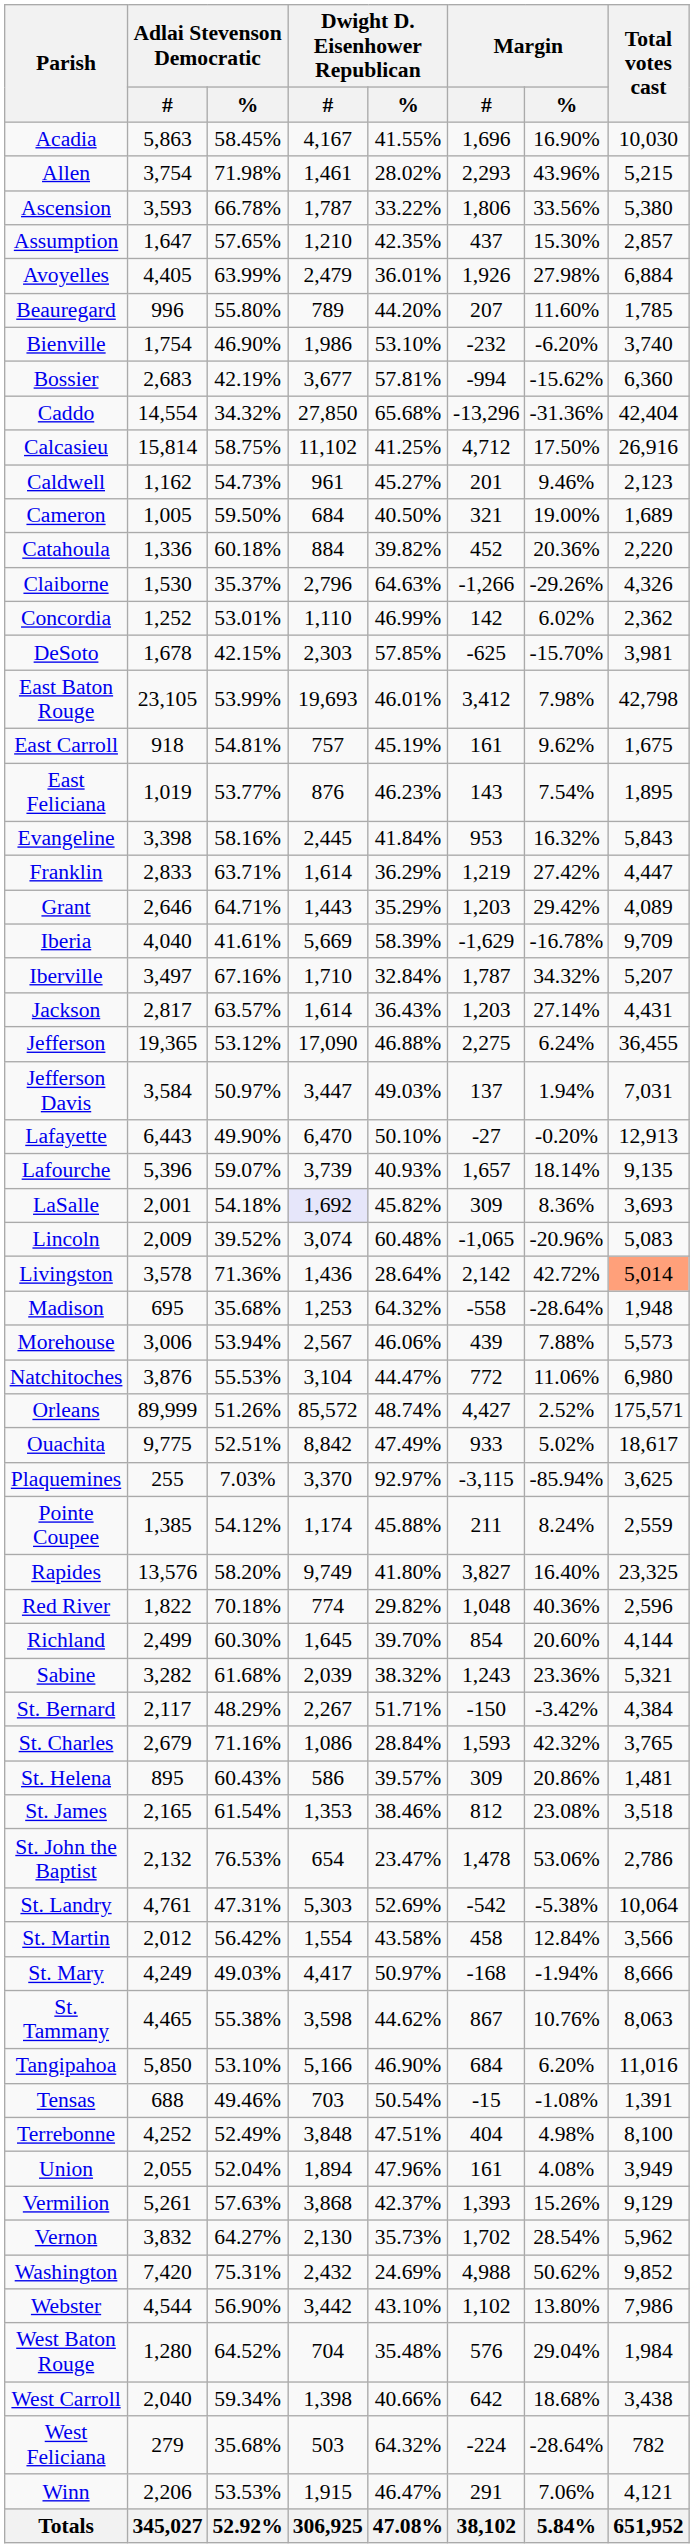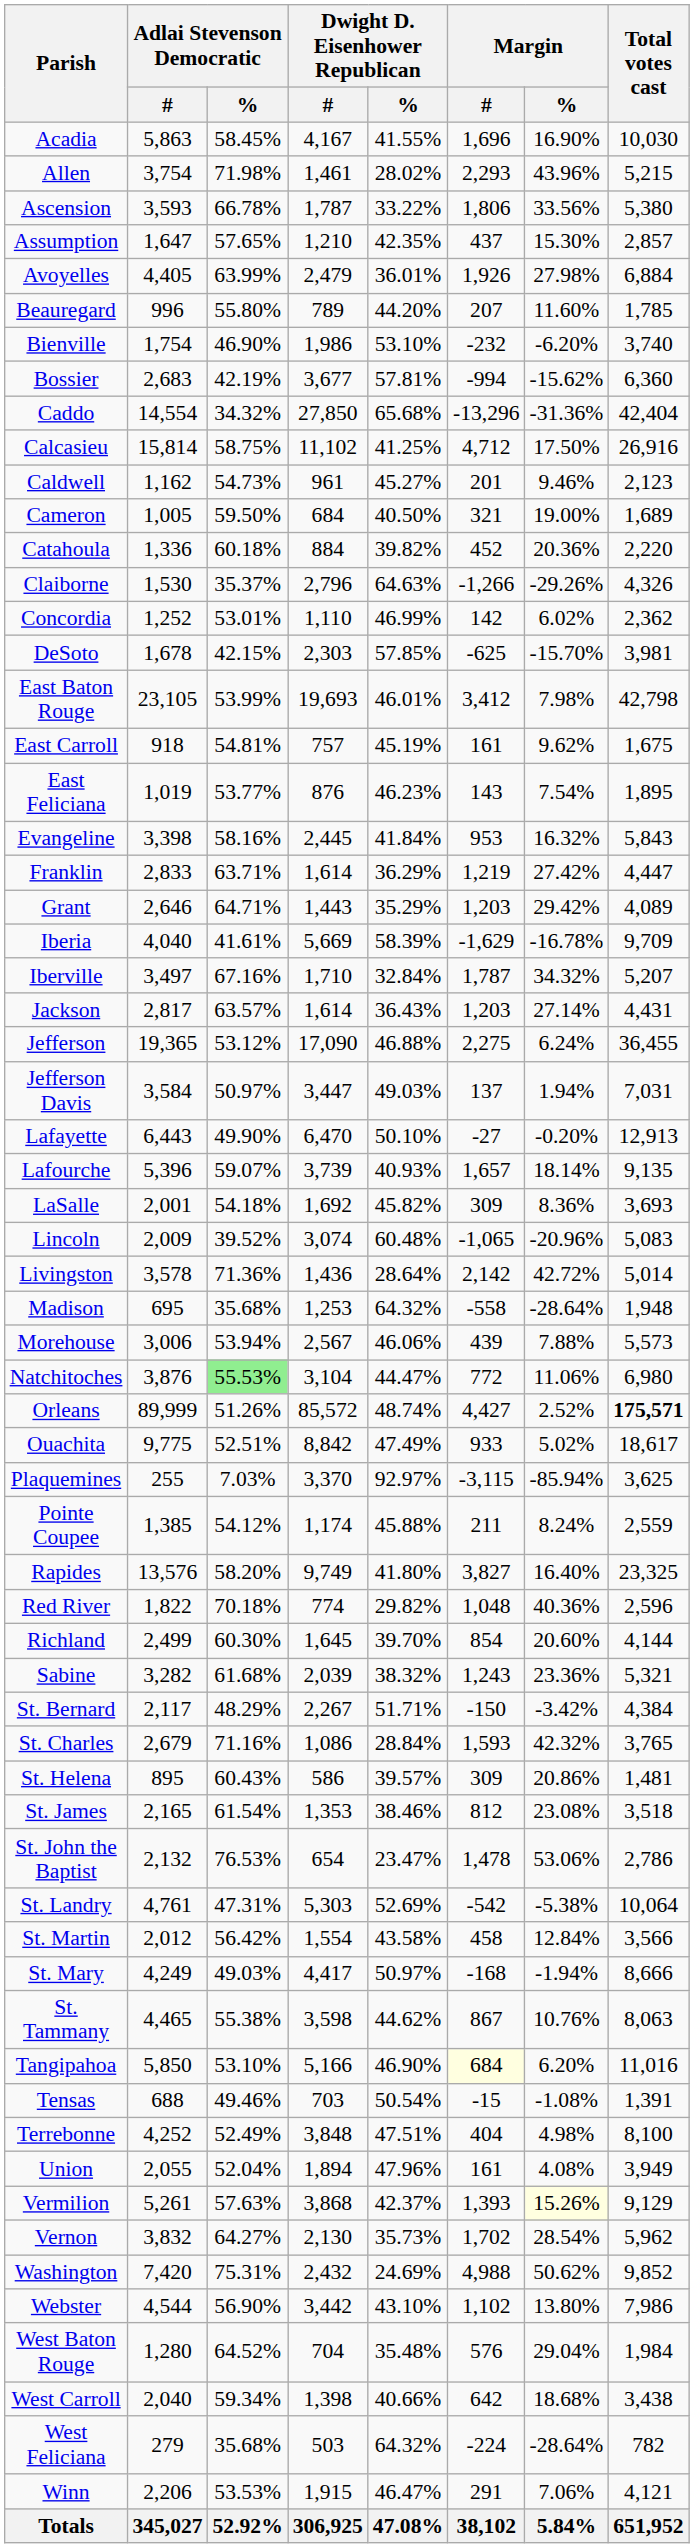 <table width="60%" class="wikitable sortable">
 <tr>
 <th rowspan="2">Parish</th>
 <th colspan="2">Adlai Stevenson<br>Democratic</th>
 <th colspan="2">Dwight D. Eisenhower<br>Republican</th>
 <th colspan="2">Margin</th>
 <th rowspan="2">Total votes cast</th>
 </tr>
 <tr>
 <th style="text-align:center;" data-sort-type="number">#</th>
 <th style="text-align:center;" data-sort-type="number">%</th>
 <th style="text-align:center;" data-sort-type="number">#</th>
 <th style="text-align:center;" data-sort-type="number">%</th>
 <th style="text-align:center;" data-sort-type="number">#</th>
 <th style="text-align:center;" data-sort-type="number">%</th>
 </tr>
 <tr style="text-align:center;">
 <td><a href='#'>Acadia</a></td>
 <td>5,863</td>
 <td>58.45%</td>
 <td>4,167</td>
 <td>41.55%</td>
 <td>1,696</td>
 <td>16.90%</td>
 <td>10,030</td>
 </tr>
 <tr style="text-align:center;">
 <td><a href='#'>Allen</a></td>
 <td>3,754</td>
 <td>71.98%</td>
 <td>1,461</td>
 <td>28.02%</td>
 <td>2,293</td>
 <td>43.96%</td>
 <td>5,215</td>
 </tr>
 <tr style="text-align:center;">
 <td><a href='#'>Ascension</a></td>
 <td>3,593</td>
 <td>66.78%</td>
 <td>1,787</td>
 <td>33.22%</td>
 <td>1,806</td>
 <td>33.56%</td>
 <td>5,380</td>
 </tr>
 <tr style="text-align:center;">
 <td><a href='#'>Assumption</a></td>
 <td>1,647</td>
 <td>57.65%</td>
 <td>1,210</td>
 <td>42.35%</td>
 <td>437</td>
 <td>15.30%</td>
 <td>2,857</td>
 </tr>
 <tr style="text-align:center;">
 <td><a href='#'>Avoyelles</a></td>
 <td>4,405</td>
 <td>63.99%</td>
 <td>2,479</td>
 <td>36.01%</td>
 <td>1,926</td>
 <td>27.98%</td>
 <td>6,884</td>
 </tr>
 <tr style="text-align:center;">
 <td><a href='#'>Beauregard</a></td>
 <td>996</td>
 <td>55.80%</td>
 <td>789</td>
 <td>44.20%</td>
 <td>207</td>
 <td>11.60%</td>
 <td>1,785</td>
 </tr>
 <tr style="text-align:center;">
 <td><a href='#'>Bienville</a></td>
 <td>1,754</td>
 <td>46.90%</td>
 <td>1,986</td>
 <td>53.10%</td>
 <td>-232</td>
 <td>-6.20%</td>
 <td>3,740</td>
 </tr>
 <tr style="text-align:center;">
 <td><a href='#'>Bossier</a></td>
 <td>2,683</td>
 <td>42.19%</td>
 <td>3,677</td>
 <td>57.81%</td>
 <td>-994</td>
 <td>-15.62%</td>
 <td>6,360</td>
 </tr>
 <tr style="text-align:center;">
 <td><a href='#'>Caddo</a></td>
 <td>14,554</td>
 <td>34.32%</td>
 <td>27,850</td>
 <td>65.68%</td>
 <td>-13,296</td>
 <td>-31.36%</td>
 <td>42,404</td>
 </tr>
 <tr style="text-align:center;">
 <td><a href='#'>Calcasieu</a></td>
 <td>15,814</td>
 <td>58.75%</td>
 <td>11,102</td>
 <td>41.25%</td>
 <td>4,712</td>
 <td>17.50%</td>
 <td>26,916</td>
 </tr>
 <tr style="text-align:center;">
 <td><a href='#'>Caldwell</a></td>
 <td>1,162</td>
 <td>54.73%</td>
 <td>961</td>
 <td>45.27%</td>
 <td>201</td>
 <td>9.46%</td>
 <td>2,123</td>
 </tr>
 <tr style="text-align:center;">
 <td><a href='#'>Cameron</a></td>
 <td>1,005</td>
 <td>59.50%</td>
 <td>684</td>
 <td>40.50%</td>
 <td>321</td>
 <td>19.00%</td>
 <td>1,689</td>
 </tr>
 <tr style="text-align:center;">
 <td><a href='#'>Catahoula</a></td>
 <td>1,336</td>
 <td>60.18%</td>
 <td>884</td>
 <td>39.82%</td>
 <td>452</td>
 <td>20.36%</td>
 <td>2,220</td>
 </tr>
 <tr style="text-align:center;">
 <td><a href='#'>Claiborne</a></td>
 <td>1,530</td>
 <td>35.37%</td>
 <td>2,796</td>
 <td>64.63%</td>
 <td>-1,266</td>
 <td>-29.26%</td>
 <td>4,326</td>
 </tr>
 <tr style="text-align:center;">
 <td><a href='#'>Concordia</a></td>
 <td>1,252</td>
 <td>53.01%</td>
 <td>1,110</td>
 <td>46.99%</td>
 <td>142</td>
 <td>6.02%</td>
 <td>2,362</td>
 </tr>
 <tr style="text-align:center;">
 <td><a href='#'>DeSoto</a></td>
 <td>1,678</td>
 <td>42.15%</td>
 <td>2,303</td>
 <td>57.85%</td>
 <td>-625</td>
 <td>-15.70%</td>
 <td>3,981</td>
 </tr>
 <tr style="text-align:center;">
 <td><a href='#'>East Baton Rouge</a></td>
 <td>23,105</td>
 <td>53.99%</td>
 <td>19,693</td>
 <td>46.01%</td>
 <td>3,412</td>
 <td>7.98%</td>
 <td>42,798</td>
 </tr>
 <tr style="text-align:center;">
 <td><a href='#'>East Carroll</a></td>
 <td>918</td>
 <td>54.81%</td>
 <td>757</td>
 <td>45.19%</td>
 <td>161</td>
 <td>9.62%</td>
 <td>1,675</td>
 </tr>
 <tr style="text-align:center;">
 <td><a href='#'>East Feliciana</a></td>
 <td>1,019</td>
 <td>53.77%</td>
 <td>876</td>
 <td>46.23%</td>
 <td>143</td>
 <td>7.54%</td>
 <td>1,895</td>
 </tr>
 <tr style="text-align:center;">
 <td><a href='#'>Evangeline</a></td>
 <td>3,398</td>
 <td>58.16%</td>
 <td>2,445</td>
 <td>41.84%</td>
 <td>953</td>
 <td>16.32%</td>
 <td>5,843</td>
 </tr>
 <tr style="text-align:center;">
 <td><a href='#'>Franklin</a></td>
 <td>2,833</td>
 <td>63.71%</td>
 <td>1,614</td>
 <td>36.29%</td>
 <td>1,219</td>
 <td>27.42%</td>
 <td>4,447</td>
 </tr>
 <tr style="text-align:center;">
 <td><a href='#'>Grant</a></td>
 <td>2,646</td>
 <td>64.71%</td>
 <td>1,443</td>
 <td>35.29%</td>
 <td>1,203</td>
 <td>29.42%</td>
 <td>4,089</td>
 </tr>
 <tr style="text-align:center;">
 <td><a href='#'>Iberia</a></td>
 <td>4,040</td>
 <td>41.61%</td>
 <td>5,669</td>
 <td>58.39%</td>
 <td>-1,629</td>
 <td>-16.78%</td>
 <td>9,709</td>
 </tr>
 <tr style="text-align:center;">
 <td><a href='#'>Iberville</a></td>
 <td>3,497</td>
 <td>67.16%</td>
 <td>1,710</td>
 <td>32.84%</td>
 <td>1,787</td>
 <td>34.32%</td>
 <td>5,207</td>
 </tr>
 <tr style="text-align:center;">
 <td><a href='#'>Jackson</a></td>
 <td>2,817</td>
 <td>63.57%</td>
 <td>1,614</td>
 <td>36.43%</td>
 <td>1,203</td>
 <td>27.14%</td>
 <td>4,431</td>
 </tr>
 <tr style="text-align:center;">
 <td><a href='#'>Jefferson</a></td>
 <td>19,365</td>
 <td>53.12%</td>
 <td>17,090</td>
 <td>46.88%</td>
 <td>2,275</td>
 <td>6.24%</td>
 <td>36,455</td>
 </tr>
 <tr style="text-align:center;">
 <td><a href='#'>Jefferson Davis</a></td>
 <td>3,584</td>
 <td>50.97%</td>
 <td>3,447</td>
 <td>49.03%</td>
 <td>137</td>
 <td>1.94%</td>
 <td>7,031</td>
 </tr>
 <tr style="text-align:center;">
 <td><a href='#'>Lafayette</a></td>
 <td>6,443</td>
 <td>49.90%</td>
 <td>6,470</td>
 <td>50.10%</td>
 <td>-27</td>
 <td>-0.20%</td>
 <td>12,913</td>
 </tr>
 <tr style="text-align:center;">
 <td><a href='#'>Lafourche</a></td>
 <td>5,396</td>
 <td>59.07%</td>
 <td>3,739</td>
 <td>40.93%</td>
 <td>1,657</td>
 <td>18.14%</td>
 <td>9,135</td>
 </tr>
 <tr style="text-align:center;">
 <td><a href='#'>LaSalle</a></td>
 <td>2,001</td>
 <td>54.18%</td>
-<td style="background: lavender;">1,692</td>
+<td>1,692</td>
 <td>45.82%</td>
 <td>309</td>
 <td>8.36%</td>
 <td>3,693</td>
 </tr>
 <tr style="text-align:center;">
 <td><a href='#'>Lincoln</a></td>
 <td>2,009</td>
 <td>39.52%</td>
 <td>3,074</td>
 <td>60.48%</td>
 <td>-1,065</td>
 <td>-20.96%</td>
 <td>5,083</td>
 </tr>
 <tr style="text-align:center;">
 <td><a href='#'>Livingston</a></td>
 <td>3,578</td>
 <td>71.36%</td>
 <td>1,436</td>
 <td>28.64%</td>
 <td>2,142</td>
 <td>42.72%</td>
-<td style="background: lightsalmon;">5,014</td>
+<td>5,014</td>
 </tr>
 <tr style="text-align:center;">
 <td><a href='#'>Madison</a></td>
 <td>695</td>
 <td>35.68%</td>
 <td>1,253</td>
 <td>64.32%</td>
 <td>-558</td>
 <td>-28.64%</td>
 <td>1,948</td>
 </tr>
 <tr style="text-align:center;">
 <td><a href='#'>Morehouse</a></td>
 <td>3,006</td>
 <td>53.94%</td>
 <td>2,567</td>
 <td>46.06%</td>
 <td>439</td>
 <td>7.88%</td>
 <td>5,573</td>
 </tr>
 <tr style="text-align:center;">
 <td><a href='#'>Natchitoches</a></td>
 <td>3,876</td>
-<td>55.53%</td>
+<td style="background: lightgreen;">55.53%</td>
 <td>3,104</td>
 <td>44.47%</td>
 <td>772</td>
 <td>11.06%</td>
 <td>6,980</td>
 </tr>
 <tr style="text-align:center;">
 <td><a href='#'>Orleans</a></td>
 <td>89,999</td>
 <td>51.26%</td>
 <td>85,572</td>
 <td>48.74%</td>
 <td>4,427</td>
 <td>2.52%</td>
-<td>175,571</td>
+<td><strong>175,571</strong></td>
 </tr>
 <tr style="text-align:center;">
 <td><a href='#'>Ouachita</a></td>
 <td>9,775</td>
 <td>52.51%</td>
 <td>8,842</td>
 <td>47.49%</td>
 <td>933</td>
 <td>5.02%</td>
 <td>18,617</td>
 </tr>
 <tr style="text-align:center;">
 <td><a href='#'>Plaquemines</a></td>
 <td>255</td>
 <td>7.03%</td>
 <td>3,370</td>
 <td>92.97%</td>
 <td>-3,115</td>
 <td>-85.94%</td>
 <td>3,625</td>
 </tr>
 <tr style="text-align:center;">
 <td><a href='#'>Pointe Coupee</a></td>
 <td>1,385</td>
 <td>54.12%</td>
 <td>1,174</td>
 <td>45.88%</td>
 <td>211</td>
 <td>8.24%</td>
 <td>2,559</td>
 </tr>
 <tr style="text-align:center;">
 <td><a href='#'>Rapides</a></td>
 <td>13,576</td>
 <td>58.20%</td>
 <td>9,749</td>
 <td>41.80%</td>
 <td>3,827</td>
 <td>16.40%</td>
 <td>23,325</td>
 </tr>
 <tr style="text-align:center;">
 <td><a href='#'>Red River</a></td>
 <td>1,822</td>
 <td>70.18%</td>
 <td>774</td>
 <td>29.82%</td>
 <td>1,048</td>
 <td>40.36%</td>
 <td>2,596</td>
 </tr>
 <tr style="text-align:center;">
 <td><a href='#'>Richland</a></td>
 <td>2,499</td>
 <td>60.30%</td>
 <td>1,645</td>
 <td>39.70%</td>
 <td>854</td>
 <td>20.60%</td>
 <td>4,144</td>
 </tr>
 <tr style="text-align:center;">
 <td><a href='#'>Sabine</a></td>
 <td>3,282</td>
 <td>61.68%</td>
 <td>2,039</td>
 <td>38.32%</td>
 <td>1,243</td>
 <td>23.36%</td>
 <td>5,321</td>
 </tr>
 <tr style="text-align:center;">
 <td><a href='#'>St. Bernard</a></td>
 <td>2,117</td>
 <td>48.29%</td>
 <td>2,267</td>
 <td>51.71%</td>
 <td>-150</td>
 <td>-3.42%</td>
 <td>4,384</td>
 </tr>
 <tr style="text-align:center;">
 <td><a href='#'>St. Charles</a></td>
 <td>2,679</td>
 <td>71.16%</td>
 <td>1,086</td>
 <td>28.84%</td>
 <td>1,593</td>
 <td>42.32%</td>
 <td>3,765</td>
 </tr>
 <tr style="text-align:center;">
 <td><a href='#'>St. Helena</a></td>
 <td>895</td>
 <td>60.43%</td>
 <td>586</td>
 <td>39.57%</td>
 <td>309</td>
 <td>20.86%</td>
 <td>1,481</td>
 </tr>
 <tr style="text-align:center;">
 <td><a href='#'>St. James</a></td>
 <td>2,165</td>
 <td>61.54%</td>
 <td>1,353</td>
 <td>38.46%</td>
 <td>812</td>
 <td>23.08%</td>
 <td>3,518</td>
 </tr>
 <tr style="text-align:center;">
 <td><a href='#'>St. John the Baptist</a></td>
 <td>2,132</td>
 <td>76.53%</td>
 <td>654</td>
 <td>23.47%</td>
 <td>1,478</td>
 <td>53.06%</td>
 <td>2,786</td>
 </tr>
 <tr style="text-align:center;">
 <td><a href='#'>St. Landry</a></td>
 <td>4,761</td>
 <td>47.31%</td>
 <td>5,303</td>
 <td>52.69%</td>
 <td>-542</td>
 <td>-5.38%</td>
 <td>10,064</td>
 </tr>
 <tr style="text-align:center;">
 <td><a href='#'>St. Martin</a></td>
 <td>2,012</td>
 <td>56.42%</td>
 <td>1,554</td>
 <td>43.58%</td>
 <td>458</td>
 <td>12.84%</td>
 <td>3,566</td>
 </tr>
 <tr style="text-align:center;">
 <td><a href='#'>St. Mary</a></td>
 <td>4,249</td>
 <td>49.03%</td>
 <td>4,417</td>
 <td>50.97%</td>
 <td>-168</td>
 <td>-1.94%</td>
 <td>8,666</td>
 </tr>
 <tr style="text-align:center;">
 <td><a href='#'>St. Tammany</a></td>
 <td>4,465</td>
 <td>55.38%</td>
 <td>3,598</td>
 <td>44.62%</td>
 <td>867</td>
 <td>10.76%</td>
 <td>8,063</td>
 </tr>
 <tr style="text-align:center;">
 <td><a href='#'>Tangipahoa</a></td>
 <td>5,850</td>
 <td>53.10%</td>
 <td>5,166</td>
 <td>46.90%</td>
-<td>684</td>
+<td style="background: lightyellow;">684</td>
 <td>6.20%</td>
 <td>11,016</td>
 </tr>
 <tr style="text-align:center;">
 <td><a href='#'>Tensas</a></td>
 <td>688</td>
 <td>49.46%</td>
 <td>703</td>
 <td>50.54%</td>
 <td>-15</td>
 <td>-1.08%</td>
 <td>1,391</td>
 </tr>
 <tr style="text-align:center;">
 <td><a href='#'>Terrebonne</a></td>
 <td>4,252</td>
 <td>52.49%</td>
 <td>3,848</td>
 <td>47.51%</td>
 <td>404</td>
 <td>4.98%</td>
 <td>8,100</td>
 </tr>
 <tr style="text-align:center;">
 <td><a href='#'>Union</a></td>
 <td>2,055</td>
 <td>52.04%</td>
 <td>1,894</td>
 <td>47.96%</td>
 <td>161</td>
 <td>4.08%</td>
 <td>3,949</td>
 </tr>
 <tr style="text-align:center;">
 <td><a href='#'>Vermilion</a></td>
 <td>5,261</td>
 <td>57.63%</td>
 <td>3,868</td>
 <td>42.37%</td>
 <td>1,393</td>
-<td>15.26%</td>
+<td style="background: lightyellow;">15.26%</td>
 <td>9,129</td>
 </tr>
 <tr style="text-align:center;">
 <td><a href='#'>Vernon</a></td>
 <td>3,832</td>
 <td>64.27%</td>
 <td>2,130</td>
 <td>35.73%</td>
 <td>1,702</td>
 <td>28.54%</td>
 <td>5,962</td>
 </tr>
 <tr style="text-align:center;">
 <td><a href='#'>Washington</a></td>
 <td>7,420</td>
 <td>75.31%</td>
 <td>2,432</td>
 <td>24.69%</td>
 <td>4,988</td>
 <td>50.62%</td>
 <td>9,852</td>
 </tr>
 <tr style="text-align:center;">
 <td><a href='#'>Webster</a></td>
 <td>4,544</td>
 <td>56.90%</td>
 <td>3,442</td>
 <td>43.10%</td>
 <td>1,102</td>
 <td>13.80%</td>
 <td>7,986</td>
 </tr>
 <tr style="text-align:center;">
 <td><a href='#'>West Baton Rouge</a></td>
 <td>1,280</td>
 <td>64.52%</td>
 <td>704</td>
 <td>35.48%</td>
 <td>576</td>
 <td>29.04%</td>
 <td>1,984</td>
 </tr>
 <tr style="text-align:center;">
 <td><a href='#'>West Carroll</a></td>
 <td>2,040</td>
 <td>59.34%</td>
 <td>1,398</td>
 <td>40.66%</td>
 <td>642</td>
 <td>18.68%</td>
 <td>3,438</td>
 </tr>
 <tr style="text-align:center;">
 <td><a href='#'>West Feliciana</a></td>
 <td>279</td>
 <td>35.68%</td>
 <td>503</td>
 <td>64.32%</td>
 <td>-224</td>
 <td>-28.64%</td>
 <td>782</td>
 </tr>
 <tr style="text-align:center;">
 <td><a href='#'>Winn</a></td>
 <td>2,206</td>
 <td>53.53%</td>
 <td>1,915</td>
 <td>46.47%</td>
 <td>291</td>
 <td>7.06%</td>
 <td>4,121</td>
 </tr>
 <tr style="text-align:center;">
 <th>Totals</th>
 <th>345,027</th>
 <th>52.92%</th>
 <th>306,925</th>
 <th>47.08%</th>
 <th>38,102</th>
 <th>5.84%</th>
 <th>651,952</th>
 </tr>
 </table>
